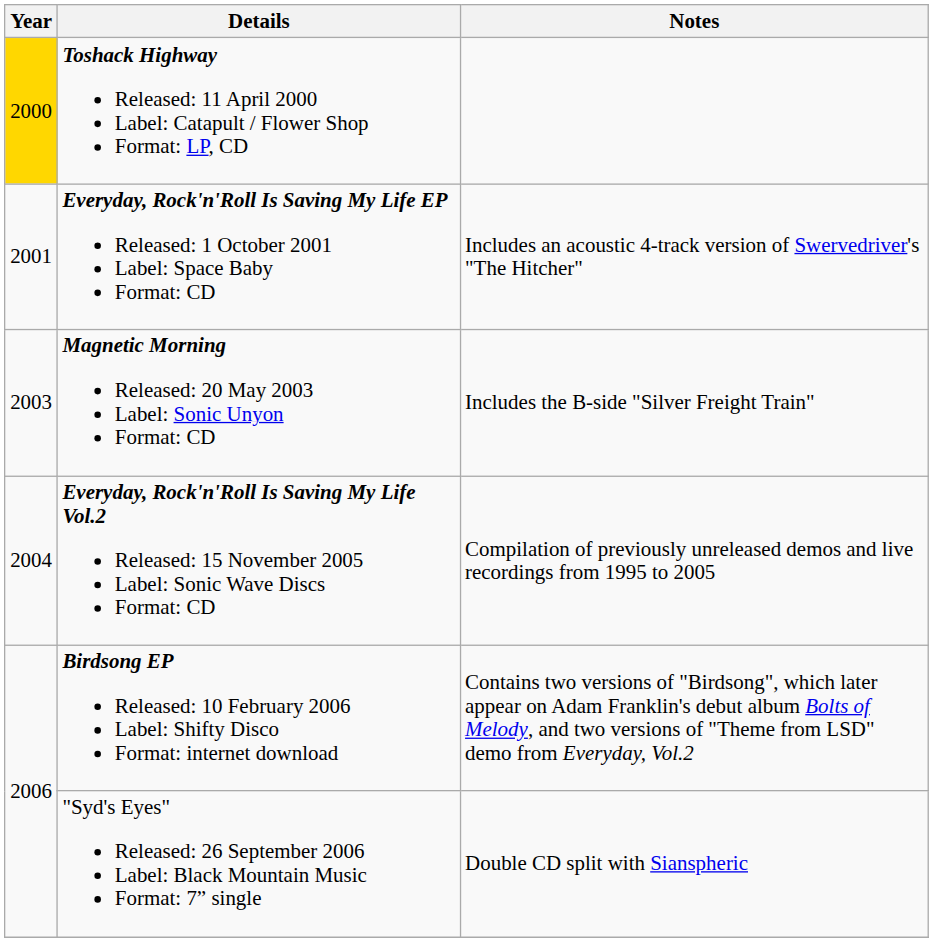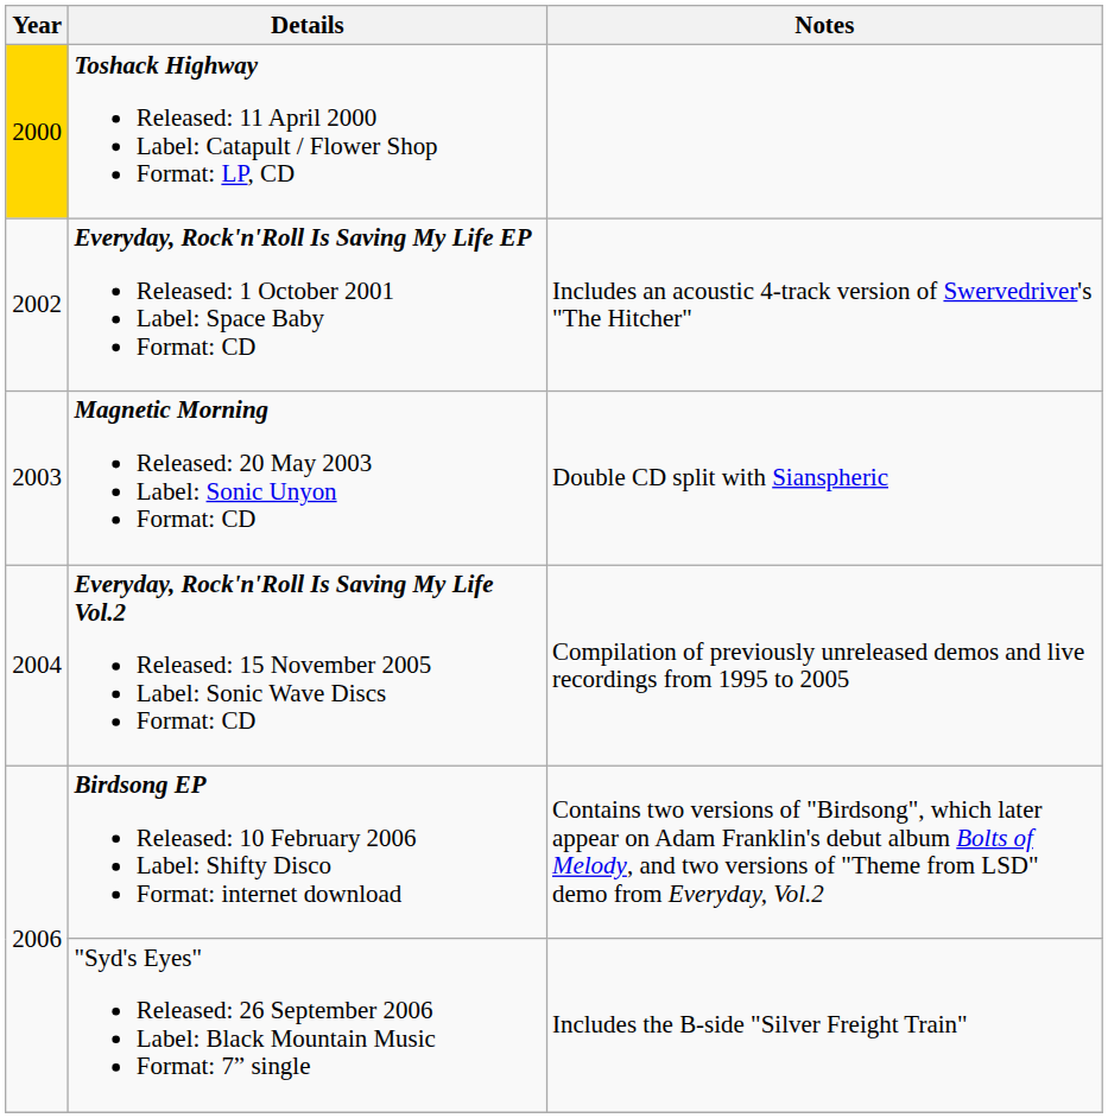 <table class="wikitable">
 <tr>
 <th width="33">Year</th>
 <th width="300">Details</th>
 <th width="350">Notes</th>
 </tr>
 <tr>
 <td align="center" style="background: gold;">2000</td>
 <td><strong><em>Toshack Highway</em></strong><br><ul><li>Released: 11 April 2000</li><li>Label: Catapult / Flower Shop</li><li>Format: <a href='#'>LP</a>, CD</li></ul></td>
 <td></td>
 </tr>
 <tr>
-<td align="center">2001</td>
+<td align="center">2002</td>
 <td><strong><em>Everyday, Rock'n'Roll Is Saving My Life EP</em></strong><br><ul><li>Released: 1 October 2001</li><li>Label: Space Baby</li><li>Format: CD</li></ul></td>
 <td>Includes an acoustic 4-track version of <a href='#'>Swervedriver</a>'s "The Hitcher"</td>
 </tr>
 <tr>
 <td align="center">2003</td>
 <td><strong><em>Magnetic Morning</em></strong><br><ul><li>Released: 20 May 2003</li><li>Label: <a href='#'>Sonic Unyon</a></li><li>Format: CD</li></ul></td>
-<td>Includes the B-side "Silver Freight Train"</td>
+<td>Double CD split with <a href='#'>Sianspheric</a></td>
 </tr>
 <tr>
 <td align="center">2004</td>
 <td><strong><em>Everyday, Rock'n'Roll Is Saving My Life Vol.2</em></strong><br><ul><li>Released: 15 November 2005</li><li>Label: Sonic Wave Discs</li><li>Format: CD</li></ul></td>
 <td>Compilation of previously unreleased demos and live recordings from 1995 to 2005</td>
 </tr>
 <tr>
 <td align="center" rowspan="2">2006</td>
 <td><strong><em>Birdsong EP</em></strong><br><ul><li>Released: 10 February 2006</li><li>Label: Shifty Disco</li><li>Format: internet download</li></ul></td>
 <td>Contains two versions of "Birdsong", which later appear on Adam Franklin's debut album <em><a href='#'>Bolts of Melody</a></em>, and two versions of "Theme from LSD" demo from <em>Everyday, Vol.2</em></td>
 </tr>
 <tr>
 <td>"Syd's Eyes"<br><ul><li>Released: 26 September 2006</li><li>Label: Black Mountain Music</li><li>Format: 7” single</li></ul></td>
-<td>Double CD split with <a href='#'>Sianspheric</a></td>
+<td>Includes the B-side "Silver Freight Train"</td>
 </tr>
 <tr>
 </tr>
 </table>
